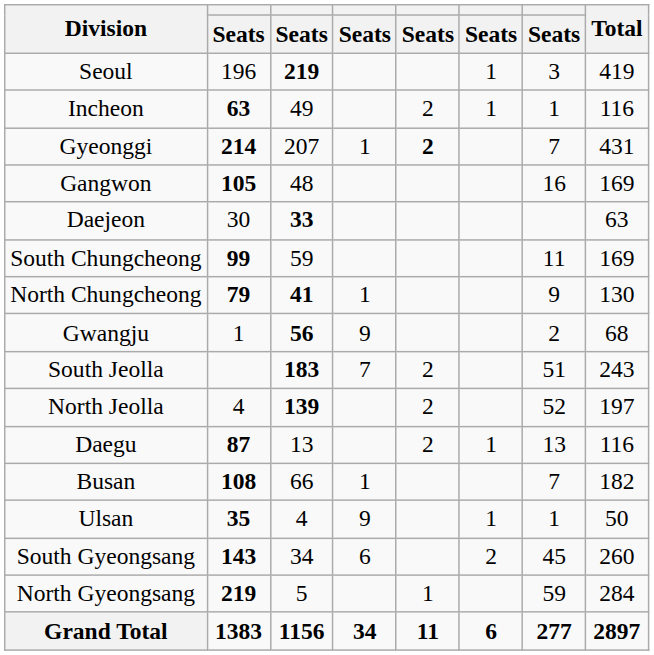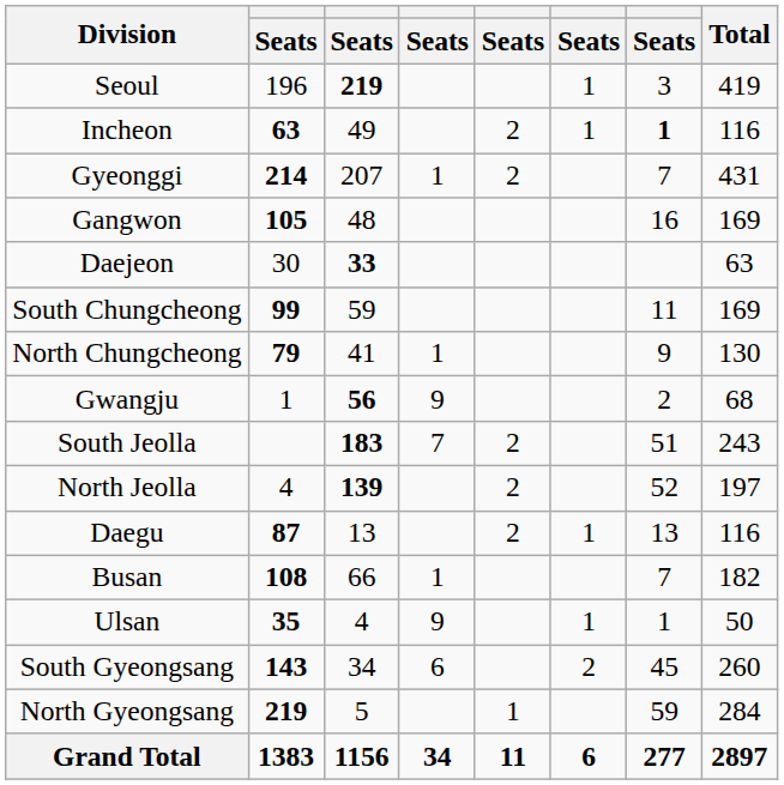 <table class="wikitable" style="text-align:center;">
 <tr>
 <th rowspan="2">Division</th>
 <th></th>
 <th></th>
 <th></th>
 <th></th>
 <th></th>
 <th></th>
 <th rowspan="2">Total</th>
 </tr>
 <tr>
 <th>Seats</th>
 <th>Seats</th>
 <th>Seats</th>
 <th>Seats</th>
 <th>Seats</th>
 <th>Seats</th>
 </tr>
 <tr>
 <td>Seoul</td>
 <td>196</td>
 <td><strong>219</strong></td>
 <td></td>
 <td></td>
 <td>1</td>
 <td>3</td>
 <td>419</td>
 </tr>
 <tr>
 <td>Incheon</td>
 <td><strong>63</strong></td>
 <td>49</td>
 <td></td>
 <td>2</td>
 <td>1</td>
-<td>1</td>
+<td><strong>1</strong></td>
 <td>116</td>
 </tr>
 <tr>
 <td>Gyeonggi</td>
 <td><strong>214</strong></td>
 <td>207</td>
 <td>1</td>
-<td><strong>2</strong></td>
+<td>2</td>
 <td></td>
 <td>7</td>
 <td>431</td>
 </tr>
 <tr>
 <td>Gangwon</td>
 <td><strong>105</strong></td>
 <td>48</td>
 <td></td>
 <td></td>
 <td></td>
 <td>16</td>
 <td>169</td>
 </tr>
 <tr>
 <td>Daejeon</td>
 <td>30</td>
 <td><strong>33</strong></td>
 <td></td>
 <td></td>
 <td></td>
 <td></td>
 <td>63</td>
 </tr>
 <tr>
 <td>South Chungcheong</td>
 <td><strong>99</strong></td>
 <td>59</td>
 <td></td>
 <td></td>
 <td></td>
 <td>11</td>
 <td>169</td>
 </tr>
 <tr>
 <td>North Chungcheong</td>
 <td><strong>79</strong></td>
-<td><strong>41</strong></td>
+<td>41</td>
 <td>1</td>
 <td></td>
 <td></td>
 <td>9</td>
 <td>130</td>
 </tr>
 <tr>
 <td>Gwangju</td>
 <td>1</td>
 <td><strong>56</strong></td>
 <td>9</td>
 <td></td>
 <td></td>
 <td>2</td>
 <td>68</td>
 </tr>
 <tr>
 <td>South Jeolla</td>
 <td></td>
 <td><strong>183</strong></td>
 <td>7</td>
 <td>2</td>
 <td></td>
 <td>51</td>
 <td>243</td>
 </tr>
 <tr>
 <td>North Jeolla</td>
 <td>4</td>
 <td><strong>139</strong></td>
 <td></td>
 <td>2</td>
 <td></td>
 <td>52</td>
 <td>197</td>
 </tr>
 <tr>
 <td>Daegu</td>
 <td><strong>87</strong></td>
 <td>13</td>
 <td></td>
 <td>2</td>
 <td>1</td>
 <td>13</td>
 <td>116</td>
 </tr>
 <tr>
 <td>Busan</td>
 <td><strong>108</strong></td>
 <td>66</td>
 <td>1</td>
 <td></td>
 <td></td>
 <td>7</td>
 <td>182</td>
 </tr>
 <tr>
 <td>Ulsan</td>
 <td><strong>35</strong></td>
 <td>4</td>
 <td>9</td>
 <td></td>
 <td>1</td>
 <td>1</td>
 <td>50</td>
 </tr>
 <tr>
 <td>South Gyeongsang</td>
 <td><strong>143</strong></td>
 <td>34</td>
 <td>6</td>
 <td></td>
 <td>2</td>
 <td>45</td>
 <td>260</td>
 </tr>
 <tr>
 <td>North Gyeongsang</td>
 <td><strong>219</strong></td>
 <td>5</td>
 <td></td>
 <td>1</td>
 <td></td>
 <td>59</td>
 <td>284</td>
 </tr>
 <tr class="sortbottom">
 <th>Grand Total</th>
 <td><strong>1383</strong></td>
 <td><strong>1156</strong></td>
 <td><strong>34</strong></td>
 <td><strong>11</strong></td>
 <td><strong>6</strong></td>
 <td><strong>277</strong></td>
 <td><strong>2897</strong></td>
 </tr>
 </table>
